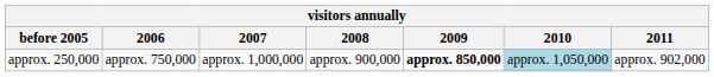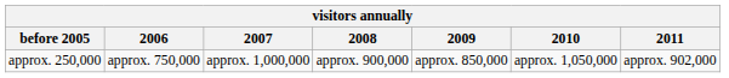 <table class="wikitable">
 <tr>
 <th colspan="7">visitors annually</th>
 </tr>
 <tr>
 <th>before 2005</th>
 <th>2006</th>
 <th>2007</th>
 <th>2008</th>
 <th>2009</th>
 <th>2010</th>
 <th>2011</th>
 </tr>
 <tr>
 <td>approx. 250,000</td>
 <td>approx. 750,000</td>
 <td>approx. 1,000,000</td>
 <td>approx. 900,000</td>
-<td><strong>approx. 850,000</strong></td>
-<td style="background: lightblue;">approx. 1,050,000</td>
+<td>approx. 850,000</td>
+<td>approx. 1,050,000</td>
 <td>approx. 902,000</td>
 </tr>
 </table>
